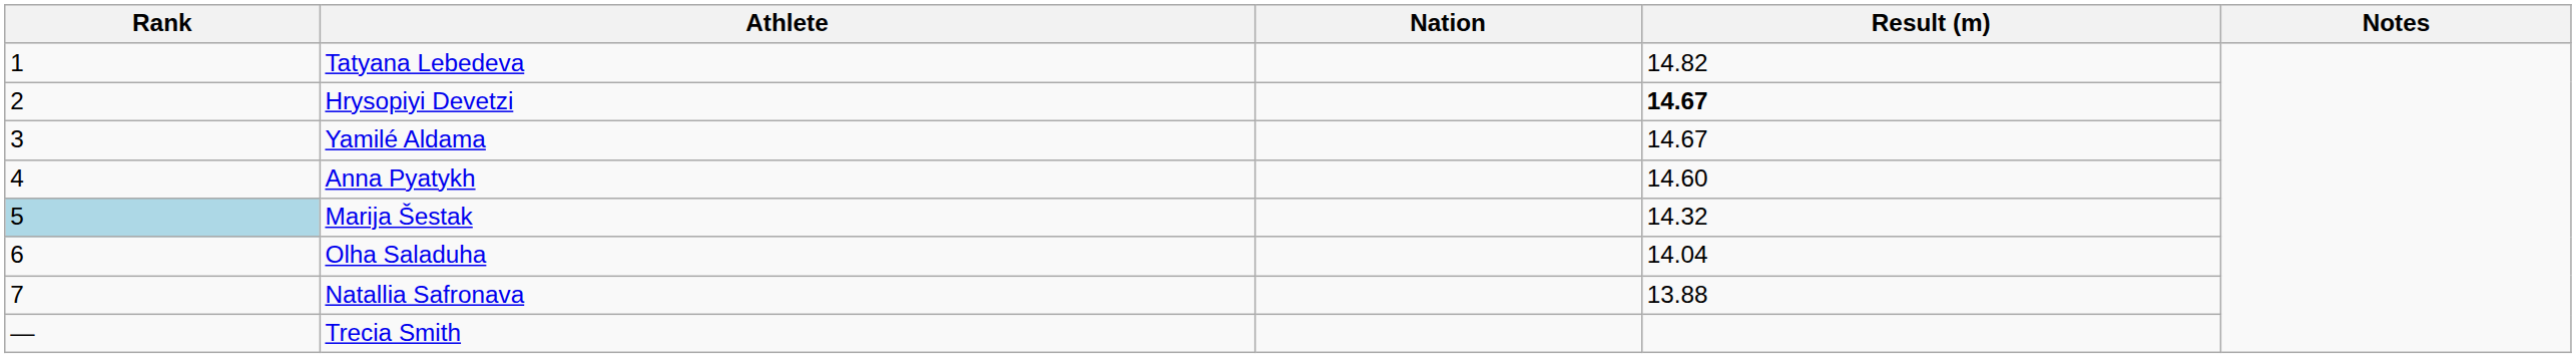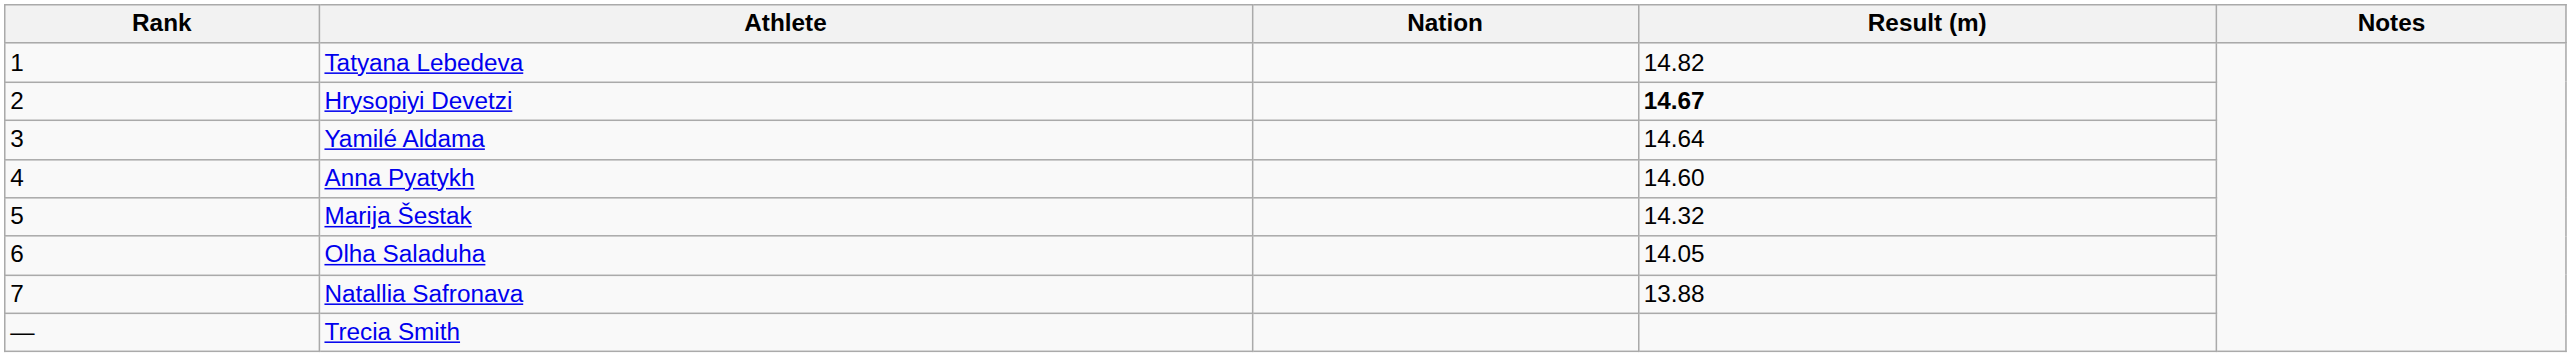 <table class="wikitable" style="text=align:center;" width=85%>
 <tr>
 <th>Rank</th>
 <th>Athlete</th>
 <th>Nation</th>
 <th>Result (m)</th>
 <th>Notes</th>
 </tr>
 <tr>
 <td>1</td>
 <td><a href='#'>Tatyana Lebedeva</a></td>
 <td></td>
 <td>14.82</td>
 </tr>
 <tr>
 <td>2</td>
 <td><a href='#'>Hrysopiyi Devetzi</a></td>
 <td></td>
 <td><strong>14.67</strong></td>
 </tr>
 <tr>
 <td>3</td>
 <td><a href='#'>Yamilé Aldama</a></td>
 <td></td>
-<td>14.67</td>
+<td>14.64</td>
 </tr>
 <tr>
 <td>4</td>
 <td><a href='#'>Anna Pyatykh</a></td>
 <td></td>
 <td>14.60</td>
 </tr>
 <tr>
-<td style="background: lightblue;">5</td>
+<td>5</td>
 <td><a href='#'>Marija Šestak</a></td>
 <td></td>
 <td>14.32</td>
 </tr>
 <tr>
 <td>6</td>
 <td><a href='#'>Olha Saladuha</a></td>
 <td></td>
-<td>14.04</td>
+<td>14.05</td>
 </tr>
 <tr>
 <td>7</td>
 <td><a href='#'>Natallia Safronava</a></td>
 <td></td>
 <td>13.88</td>
 </tr>
 <tr>
 <td>—</td>
 <td><a href='#'>Trecia Smith</a></td>
 <td></td>
 <td></td>
 </tr>
 </table>
